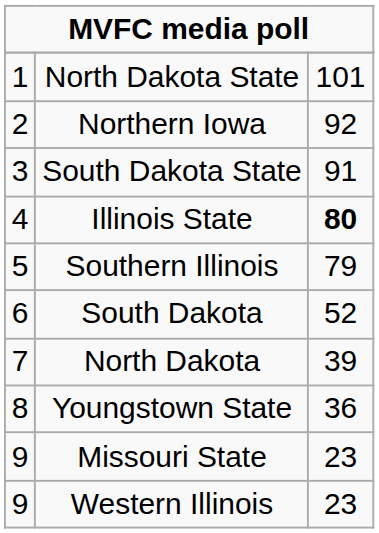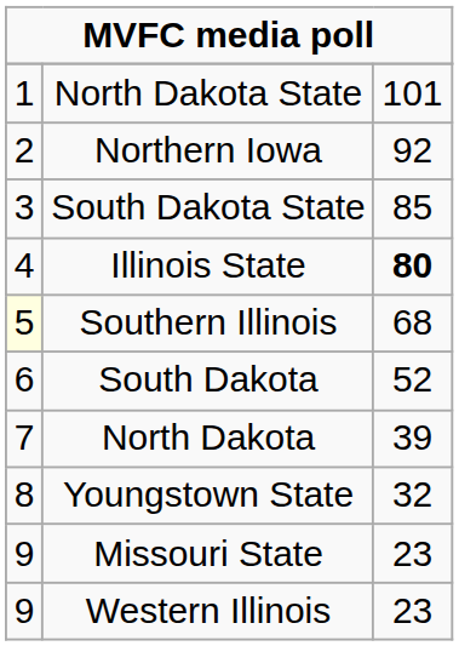 <table class="wikitable" style="display: inline-table;">
 <tr>
 <td align="center" Colspan="3"><strong>MVFC media poll</strong></td>
 </tr>
 <tr align="center">
 </tr>
 <tr align="center">
 <td>1</td>
 <td>North Dakota State</td>
 <td>101</td>
 </tr>
 <tr align="center">
 <td>2</td>
 <td>Northern Iowa</td>
 <td>92</td>
 </tr>
 <tr align="center">
 <td>3</td>
 <td>South Dakota State</td>
-<td>91</td>
+<td>85</td>
 </tr>
 <tr align="center">
 <td>4</td>
 <td>Illinois State</td>
 <td><strong>80</strong></td>
 </tr>
 <tr align="center">
-<td>5</td>
+<td style="background: lightyellow;">5</td>
 <td>Southern Illinois</td>
-<td>79</td>
+<td>68</td>
 </tr>
 <tr align="center">
 <td>6</td>
 <td>South Dakota</td>
 <td>52</td>
 </tr>
 <tr align="center">
 <td>7</td>
 <td>North Dakota</td>
 <td>39</td>
 </tr>
 <tr align="center">
 <td>8</td>
 <td>Youngstown State</td>
-<td>36</td>
+<td>32</td>
 </tr>
 <tr align="center">
 <td>9</td>
 <td>Missouri State</td>
 <td>23</td>
 </tr>
 <tr align="center">
 <td>9</td>
 <td>Western Illinois</td>
 <td>23</td>
 </tr>
 </table>
